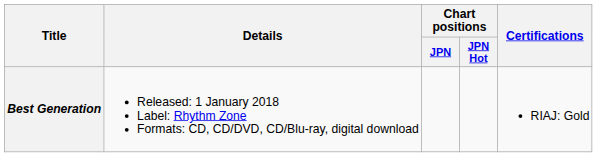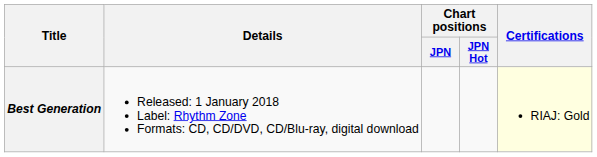 <table class="wikitable plainrowheaders">
 <tr>
 <th scope="col" rowspan="2">Title</th>
 <th scope="col" rowspan="2">Details</th>
 <th scope="col" colspan="2">Chart positions</th>
 <th scope="col" rowspan="2"><a href='#'>Certifications</a></th>
 </tr>
 <tr>
 <th scope="col" style="width:3em;font-size:90%;"><a href='#'>JPN</a><br></th>
 <th scope="col" style="width:3em;font-size:90%;"><a href='#'>JPN Hot</a><br></th>
 </tr>
 <tr>
 <th scope="row"><em>Best Generation</em></th>
 <td><br><ul><li>Released: 1 January 2018 </li><li>Label: <a href='#'>Rhythm Zone</a></li><li>Formats: CD, CD/DVD, CD/Blu-ray, digital download</li></ul></td>
 <td></td>
 <td></td>
-<td><br><ul><li>RIAJ: Gold</li></ul></td>
+<td style="background: lightyellow;"><br><ul><li>RIAJ: Gold</li></ul></td>
 </tr>
 </table>
